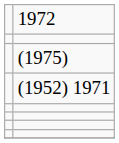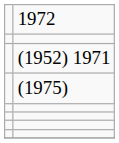 <table class="wikitable">
 <tr>
 <td></td>
 <td>1972</td>
 </tr>
 <tr>
 <td></td>
 <td></td>
 </tr>
 <tr>
 <td></td>
-<td>(1975)</td>
+<td>(1952) 1971</td>
 </tr>
 <tr>
 <td></td>
-<td>(1952) 1971</td>
+<td>(1975)</td>
 </tr>
 <tr>
 <td></td>
 <td></td>
 </tr>
 <tr>
 <td></td>
 <td></td>
 </tr>
 <tr>
 <td></td>
 <td></td>
 </tr>
 <tr>
 <td></td>
 <td></td>
 </tr>
 <tr>
 </tr>
 </table>
